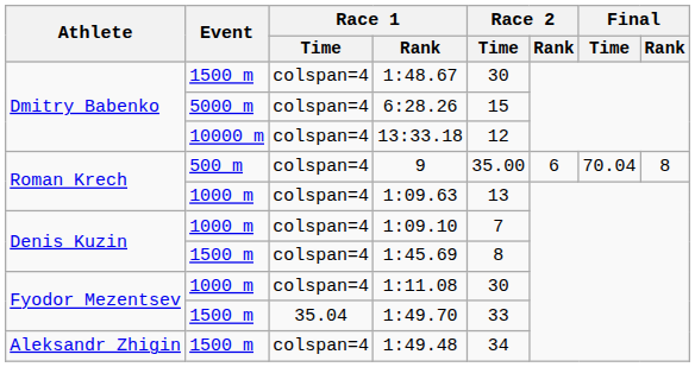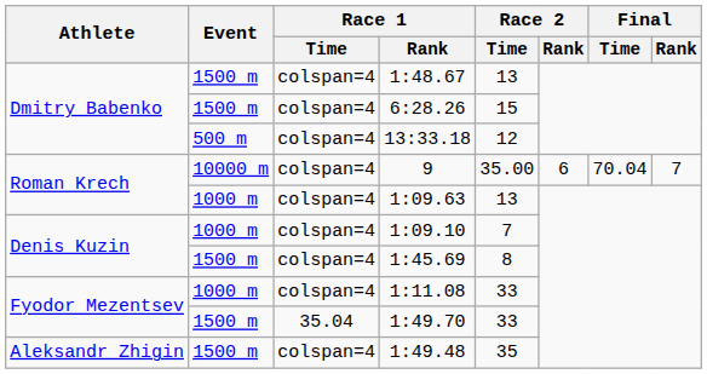 <table class="wikitable" style="font-size:90%">
 <tr>
 <th rowspan=2>Athlete</th>
 <th rowspan=2>Event</th>
 <th colspan=2>Race 1</th>
 <th colspan=2>Race 2</th>
 <th colspan=2>Final</th>
 </tr>
 <tr style="font-size:95%">
 <th>Time</th>
 <th>Rank</th>
 <th>Time</th>
 <th>Rank</th>
 <th>Time</th>
 <th>Rank</th>
 </tr>
 <tr align=center>
 <td align=left rowspan=3><a href='#'>Dmitry Babenko</a></td>
 <td align=left><a href='#'>1500 m</a></td>
 <td>colspan=4 </td>
 <td>1:48.67</td>
-<td>30</td>
+<td>13</td>
 </tr>
 <tr align=center>
-<td align=left><a href='#'>5000 m</a></td>
+<td align=left><a href='#'>1500 m</a></td>
 <td>colspan=4 </td>
 <td>6:28.26</td>
 <td>15</td>
 </tr>
 <tr align=center>
-<td align=left><a href='#'>10000 m</a></td>
+<td align=left><a href='#'>500 m</a></td>
 <td>colspan=4 </td>
 <td>13:33.18</td>
 <td>12</td>
 </tr>
 <tr align=center>
 <td align=left rowspan=2><a href='#'>Roman Krech</a></td>
-<td align=left><a href='#'>500 m</a></td>
+<td align=left><a href='#'>10000 m</a></td>
 <td>colspan=4 </td>
 <td>9</td>
 <td>35.00</td>
 <td>6</td>
 <td>70.04</td>
-<td>8</td>
+<td>7</td>
 </tr>
 <tr align=center>
 <td align=left><a href='#'>1000 m</a></td>
 <td>colspan=4 </td>
 <td>1:09.63</td>
 <td>13</td>
 </tr>
 <tr align=center>
 <td align=left rowspan=2><a href='#'>Denis Kuzin</a></td>
 <td align=left><a href='#'>1000 m</a></td>
 <td>colspan=4 </td>
 <td>1:09.10</td>
 <td>7</td>
 </tr>
 <tr align=center>
 <td align=left><a href='#'>1500 m</a></td>
 <td>colspan=4 </td>
 <td>1:45.69</td>
 <td>8</td>
 </tr>
 <tr align=center>
 <td align=left rowspan=2><a href='#'>Fyodor Mezentsev</a></td>
 <td align=left><a href='#'>1000 m</a></td>
 <td>colspan=4 </td>
 <td>1:11.08</td>
-<td>30</td>
+<td>33</td>
 </tr>
 <tr align=center>
 <td align=left><a href='#'>1500 m</a></td>
 <td>35.04</td>
 <td>1:49.70</td>
 <td>33</td>
 </tr>
 <tr align=center>
 <td align=left><a href='#'>Aleksandr Zhigin</a></td>
 <td align=left><a href='#'>1500 m</a></td>
 <td>colspan=4 </td>
 <td>1:49.48</td>
-<td>34</td>
+<td>35</td>
 </tr>
 </table>
